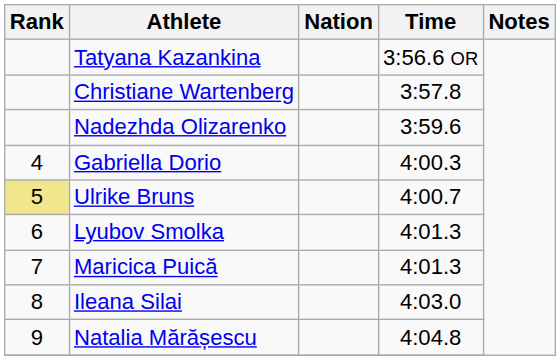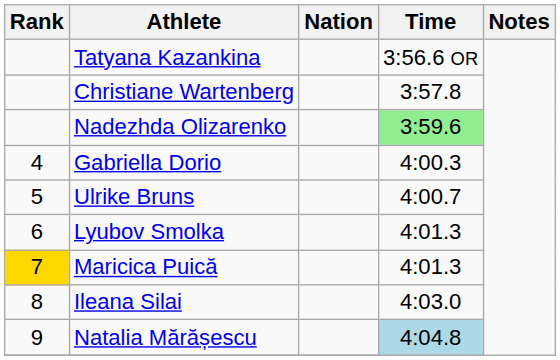 <table class="wikitable sortable" style="text-align:center">
 <tr>
 <th>Rank</th>
 <th>Athlete</th>
 <th>Nation</th>
 <th>Time</th>
 <th>Notes</th>
 </tr>
 <tr>
 <td></td>
 <td align=left><a href='#'>Tatyana Kazankina</a></td>
 <td align=left></td>
 <td>3:56.6 <small>OR</small></td>
 </tr>
 <tr>
 <td></td>
 <td align=left><a href='#'>Christiane Wartenberg</a></td>
 <td align=left></td>
 <td>3:57.8</td>
 </tr>
 <tr>
 <td></td>
 <td align=left><a href='#'>Nadezhda Olizarenko</a></td>
 <td align=left></td>
-<td>3:59.6</td>
+<td style="background: lightgreen;">3:59.6</td>
 </tr>
 <tr>
 <td>4</td>
 <td align=left><a href='#'>Gabriella Dorio</a></td>
 <td align=left></td>
 <td>4:00.3</td>
 </tr>
 <tr>
-<td style="background: khaki;">5</td>
+<td>5</td>
 <td align=left><a href='#'>Ulrike Bruns</a></td>
 <td align=left></td>
 <td>4:00.7</td>
 </tr>
 <tr>
 <td>6</td>
 <td align=left><a href='#'>Lyubov Smolka</a></td>
 <td align=left></td>
 <td>4:01.3</td>
 </tr>
 <tr>
-<td>7</td>
+<td style="background: gold;">7</td>
 <td align=left><a href='#'>Maricica Puică</a></td>
 <td align=left></td>
 <td>4:01.3</td>
 </tr>
 <tr>
 <td>8</td>
 <td align=left><a href='#'>Ileana Silai</a></td>
 <td align=left></td>
 <td>4:03.0</td>
 </tr>
 <tr>
 <td>9</td>
 <td align=left><a href='#'>Natalia Mărășescu</a></td>
 <td align=left></td>
-<td>4:04.8</td>
+<td style="background: lightblue;">4:04.8</td>
 </tr>
 <tr>
 </tr>
 </table>
